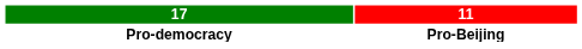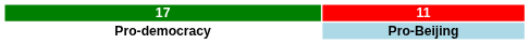 <table style="width:50%; text-align:center;">
 <tr style="color:white;">
 <td style="background:green; width:61%;"><strong>17</strong></td>
 <td style="background:red; width:39%;"><strong>11</strong></td>
 </tr>
 <tr>
 <td><span><strong>Pro-democracy</strong></span></td>
-<td><span><strong>Pro-Beijing</strong></span></td>
+<td style="background: lightblue;"><span><strong>Pro-Beijing</strong></span></td>
 </tr>
 </table>
